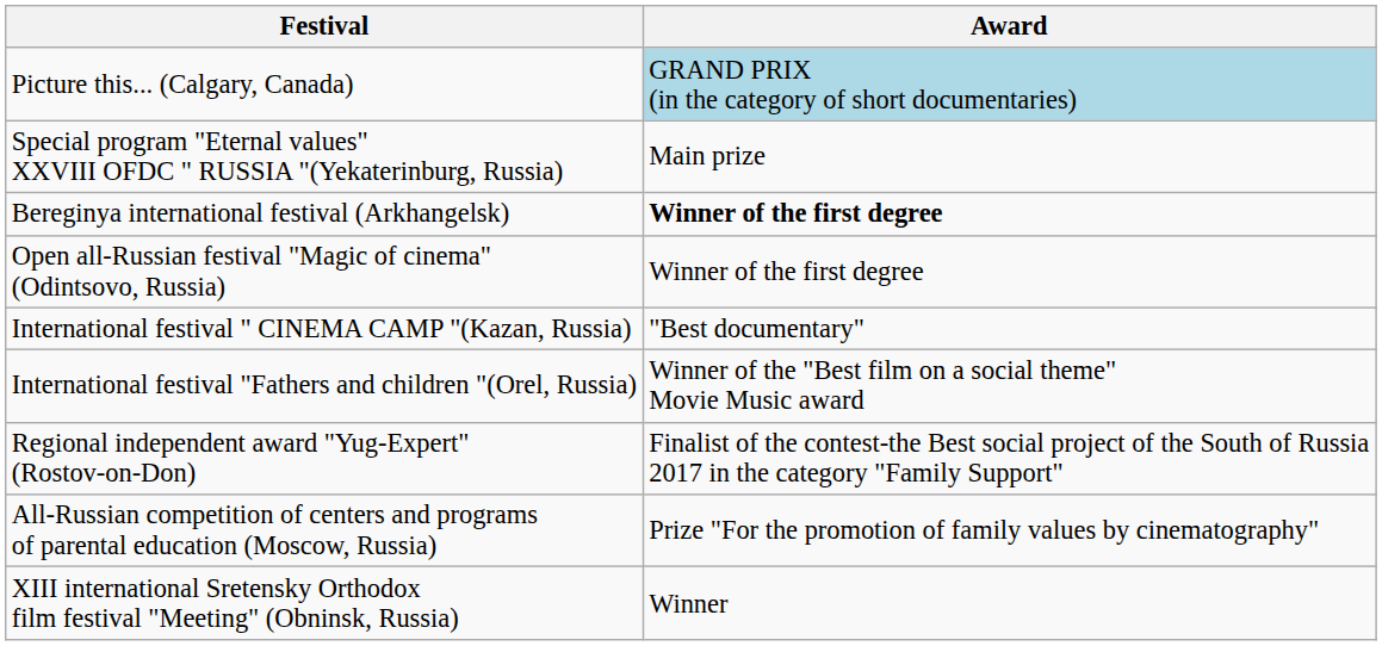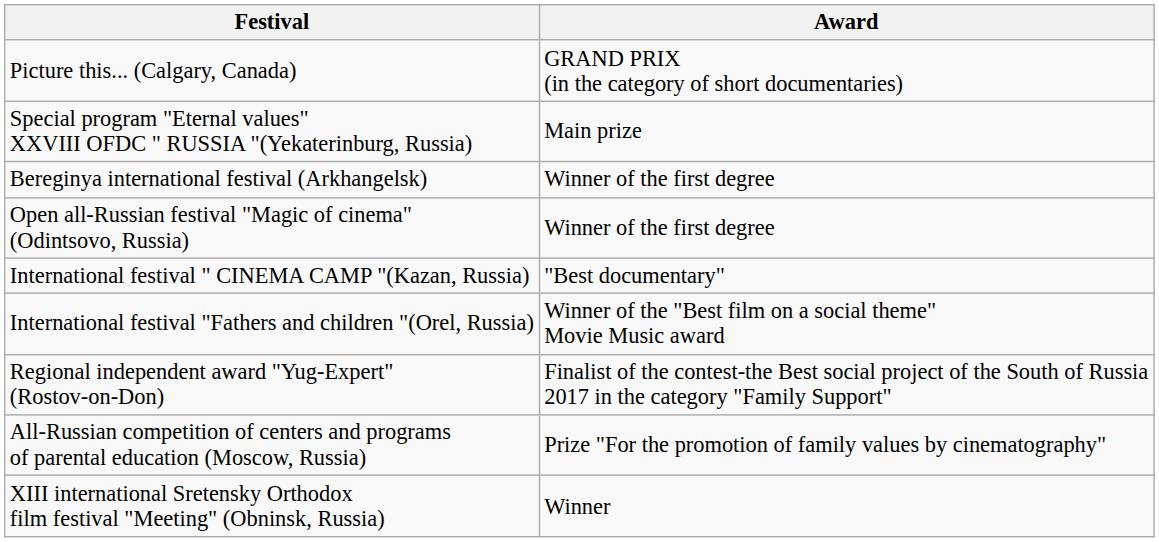 <table class="wikitable">
 <tr>
 <th>Festival</th>
 <th>Award</th>
 </tr>
 <tr>
 <td>Picture this... (Calgary, Canada)</td>
-<td style="background: lightblue;">GRAND PRIX<br>(in the category of short documentaries)</td>
+<td>GRAND PRIX<br>(in the category of short documentaries)</td>
 </tr>
 <tr>
 <td>Special program "Eternal values" <br>XXVIII OFDC " RUSSIA "(Yekaterinburg, Russia)</td>
 <td>Main prize</td>
 </tr>
 <tr>
 <td>Bereginya international festival (Arkhangelsk)</td>
-<td><strong>Winner of the first degree</strong></td>
+<td>Winner of the first degree</td>
 </tr>
 <tr>
 <td>Open all-Russian festival "Magic of cinema" <br>(Odintsovo, Russia)</td>
 <td>Winner of the first degree</td>
 </tr>
 <tr>
 <td>International festival " CINEMA CAMP "(Kazan, Russia)</td>
 <td>"Best documentary"</td>
 </tr>
 <tr>
 <td>International festival "Fathers and children "(Orel, Russia)</td>
 <td>Winner of the "Best film on a social theme"<br> Movie Music award</td>
 </tr>
 <tr>
 <td>Regional independent award "Yug-Expert" <br>(Rostov-on-Don)</td>
 <td>Finalist of the contest-the Best social project of the South of Russia <br>2017 in the category "Family Support"</td>
 </tr>
 <tr>
 <td>All-Russian competition of centers and programs <br>of parental education (Moscow, Russia)</td>
 <td>Prize "For the promotion of family values by cinematography"</td>
 </tr>
 <tr>
 <td>XIII international Sretensky Orthodox <br>film festival "Meeting" (Obninsk, Russia)</td>
 <td>Winner</td>
 </tr>
 </table>
